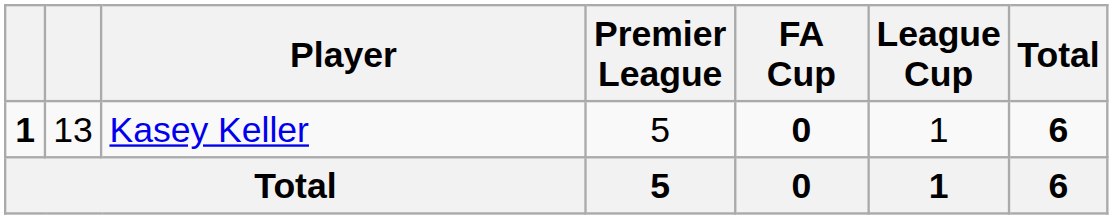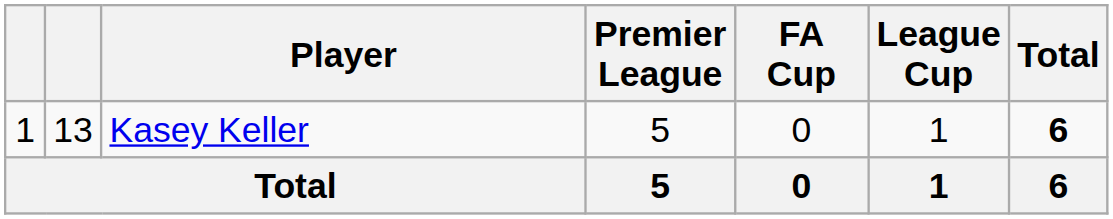 <table class="wikitable sortable" style="font-size: 95%; text-align: center;">
 <tr>
 <th width=10></th>
 <th width=10></th>
 <th width=200>Player</th>
 <th width=50>Premier League</th>
 <th width=50>FA Cup</th>
 <th width=50>League Cup</th>
 <th>Total</th>
 </tr>
 <tr>
-<td><strong>1</strong></td>
+<td>1</td>
 <td>13</td>
 <td align="left"> <a href='#'>Kasey Keller</a></td>
 <td>5</td>
-<td><strong>0</strong></td>
+<td>0</td>
 <td>1</td>
 <td><strong>6</strong></td>
 </tr>
 <tr>
 <th colspan="3">Total</th>
 <th>5</th>
 <th>0</th>
 <th>1</th>
 <th>6</th>
 </tr>
 </table>
